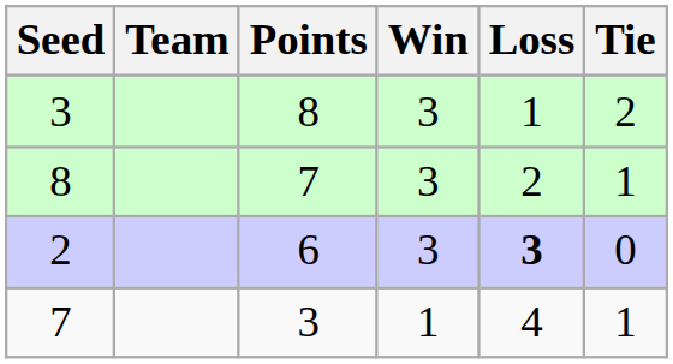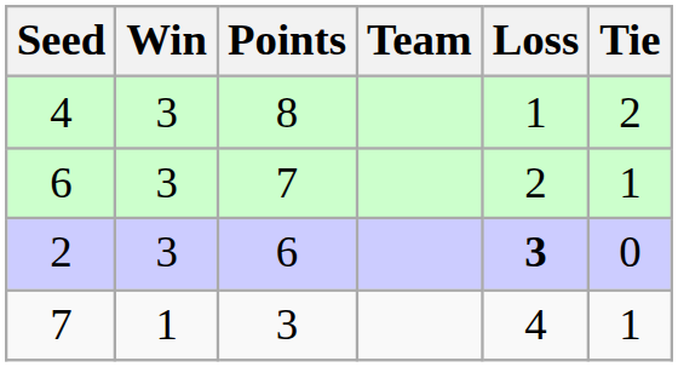 <table class=wikitable style=text-align:center>
 <tr>
 <th>Seed</th>
+<th>Win</th>
+<th>Points</th>
 <th>Team</th>
-<th>Points</th>
-<th>Win</th>
 <th>Loss</th>
 <th>Tie</th>
 </tr>
 <tr style="background:#ccffcc;">
+<td>4</td>
 <td>3</td>
+<td>8</td>
 <td align=left></td>
-<td>8</td>
-<td>3</td>
 <td>1</td>
 <td>2</td>
 </tr>
 <tr style="background:#ccffcc;">
-<td>8</td>
+<td>6</td>
+<td>3</td>
+<td>7</td>
 <td align=left></td>
-<td>7</td>
-<td>3</td>
 <td>2</td>
 <td>1</td>
 </tr>
 <tr style="background:#ccccff;">
 <td>2</td>
+<td>3</td>
+<td>6</td>
 <td align=left></td>
-<td>6</td>
-<td>3</td>
 <td><strong>3</strong></td>
 <td>0</td>
 </tr>
 <tr>
 <td>7</td>
+<td>1</td>
+<td>3</td>
 <td align=left></td>
-<td>3</td>
-<td>1</td>
 <td>4</td>
 <td>1</td>
 </tr>
 </table>
